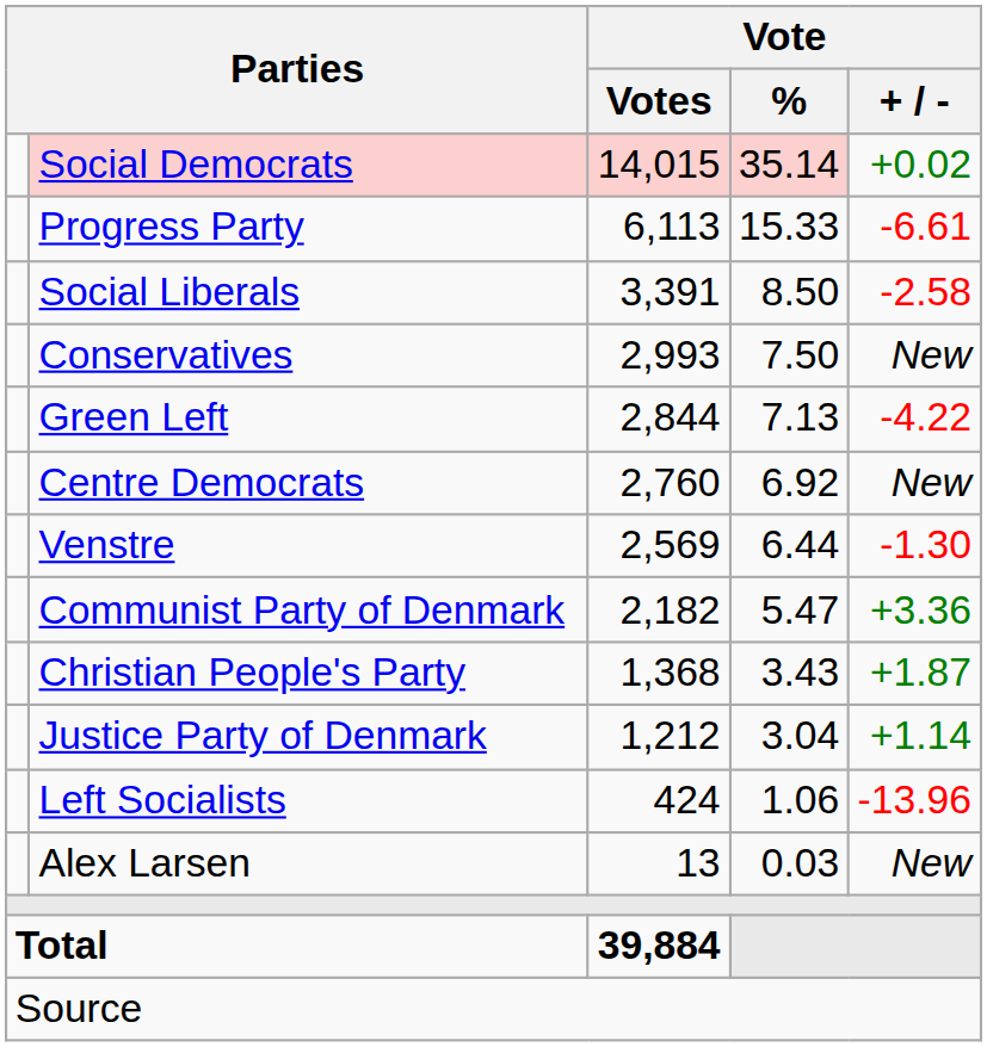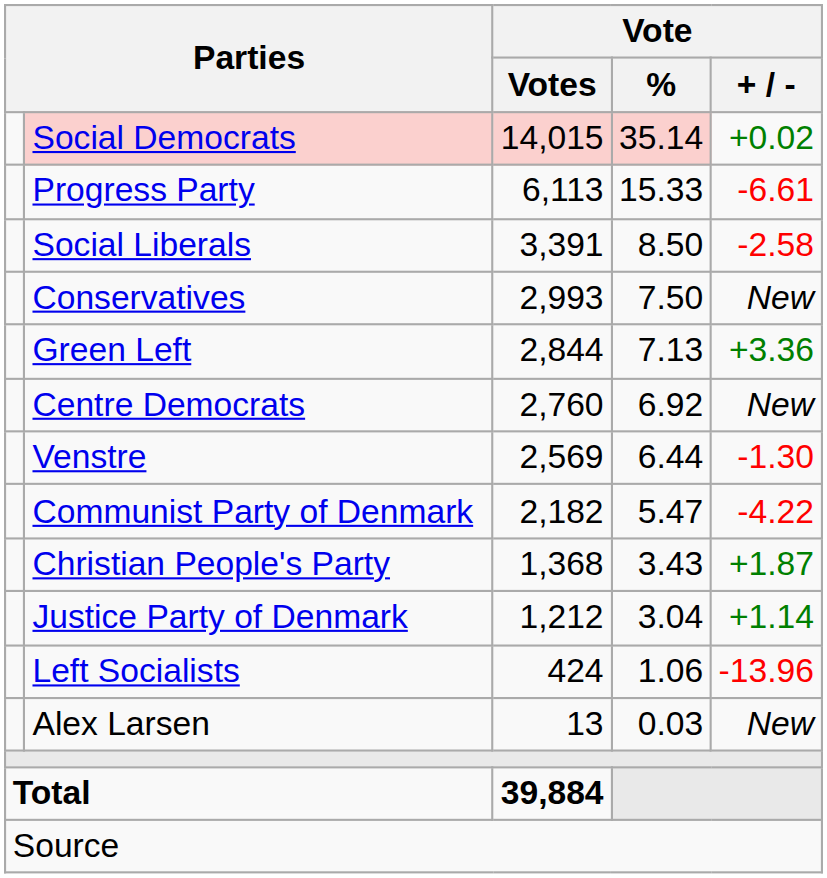 <table class="wikitable" style="text-align:right;">
 <tr>
 <th style="text-align:centre;" rowspan="2" colspan="2" width="225">Parties</th>
 <th colspan="3">Vote</th>
 </tr>
 <tr>
 <th width="15">Votes</th>
 <th width="15">%</th>
 <th width="15">+ / -</th>
 </tr>
 <tr>
 <td width="2" style="color:inherit;background:"></td>
 <td bgcolor=#fbd0ce  align="left"><a href='#'>Social Democrats</a></td>
 <td bgcolor=#fbd0ce>14,015</td>
 <td bgcolor=#fbd0ce>35.14</td>
 <td style=color:green;>+0.02</td>
 </tr>
 <tr>
 <td width="2" style="color:inherit;background:"></td>
 <td align="left"><a href='#'>Progress Party</a></td>
 <td>6,113</td>
 <td>15.33</td>
 <td style=color:red;>-6.61</td>
 </tr>
 <tr>
 <td width="2" style="color:inherit;background:"></td>
 <td align="left"><a href='#'>Social Liberals</a></td>
 <td>3,391</td>
 <td>8.50</td>
 <td style=color:red;>-2.58</td>
 </tr>
 <tr>
 <td width="2" style="color:inherit;background:"></td>
 <td align="left"><a href='#'>Conservatives</a></td>
 <td>2,993</td>
 <td>7.50</td>
 <td><em>New</em></td>
 </tr>
 <tr>
 <td width="2" style="color:inherit;background:"></td>
 <td align="left"><a href='#'>Green Left</a></td>
 <td>2,844</td>
 <td>7.13</td>
-<td style=color:red;>-4.22</td>
+<td style=color:green;>+3.36</td>
 </tr>
 <tr>
 <td width="2" style="color:inherit;background:"></td>
 <td align="left"><a href='#'>Centre Democrats</a></td>
 <td>2,760</td>
 <td>6.92</td>
 <td><em>New</em></td>
 </tr>
 <tr>
 <td width="2" style="color:inherit;background:"></td>
 <td align="left"><a href='#'>Venstre</a></td>
 <td>2,569</td>
 <td>6.44</td>
 <td style=color:red;>-1.30</td>
 </tr>
 <tr>
 <td width="2" style="color:inherit;background:"></td>
 <td align="left"><a href='#'>Communist Party of Denmark</a></td>
 <td>2,182</td>
 <td>5.47</td>
-<td style=color:green;>+3.36</td>
+<td style=color:red;>-4.22</td>
 </tr>
 <tr>
 <td width="2" style="color:inherit;background:"></td>
 <td align="left"><a href='#'>Christian People's Party</a></td>
 <td>1,368</td>
 <td>3.43</td>
 <td style=color:green;>+1.87</td>
 </tr>
 <tr>
 <td width="2" style="color:inherit;background:"></td>
 <td align="left"><a href='#'>Justice Party of Denmark</a></td>
 <td>1,212</td>
 <td>3.04</td>
 <td style=color:green;>+1.14</td>
 </tr>
 <tr>
 <td width="2" style="color:inherit;background:"></td>
 <td align="left"><a href='#'>Left Socialists</a></td>
 <td>424</td>
 <td>1.06</td>
 <td style=color:red;>-13.96</td>
 </tr>
 <tr>
 <td width="2" style="color:inherit;background:"></td>
 <td align="left">Alex Larsen</td>
 <td>13</td>
 <td>0.03</td>
 <td><em>New</em></td>
 </tr>
 <tr>
 <td colspan="7" bgcolor="#E9E9E9"></td>
 </tr>
 <tr>
 <td align="left" colspan="2"><strong>Total</strong></td>
 <td><strong>39,884</strong></td>
 <td bgcolor="#E9E9E9" colspan="2"></td>
 </tr>
 <tr>
 <td align="left" colspan="6">Source</td>
 </tr>
 </table>
